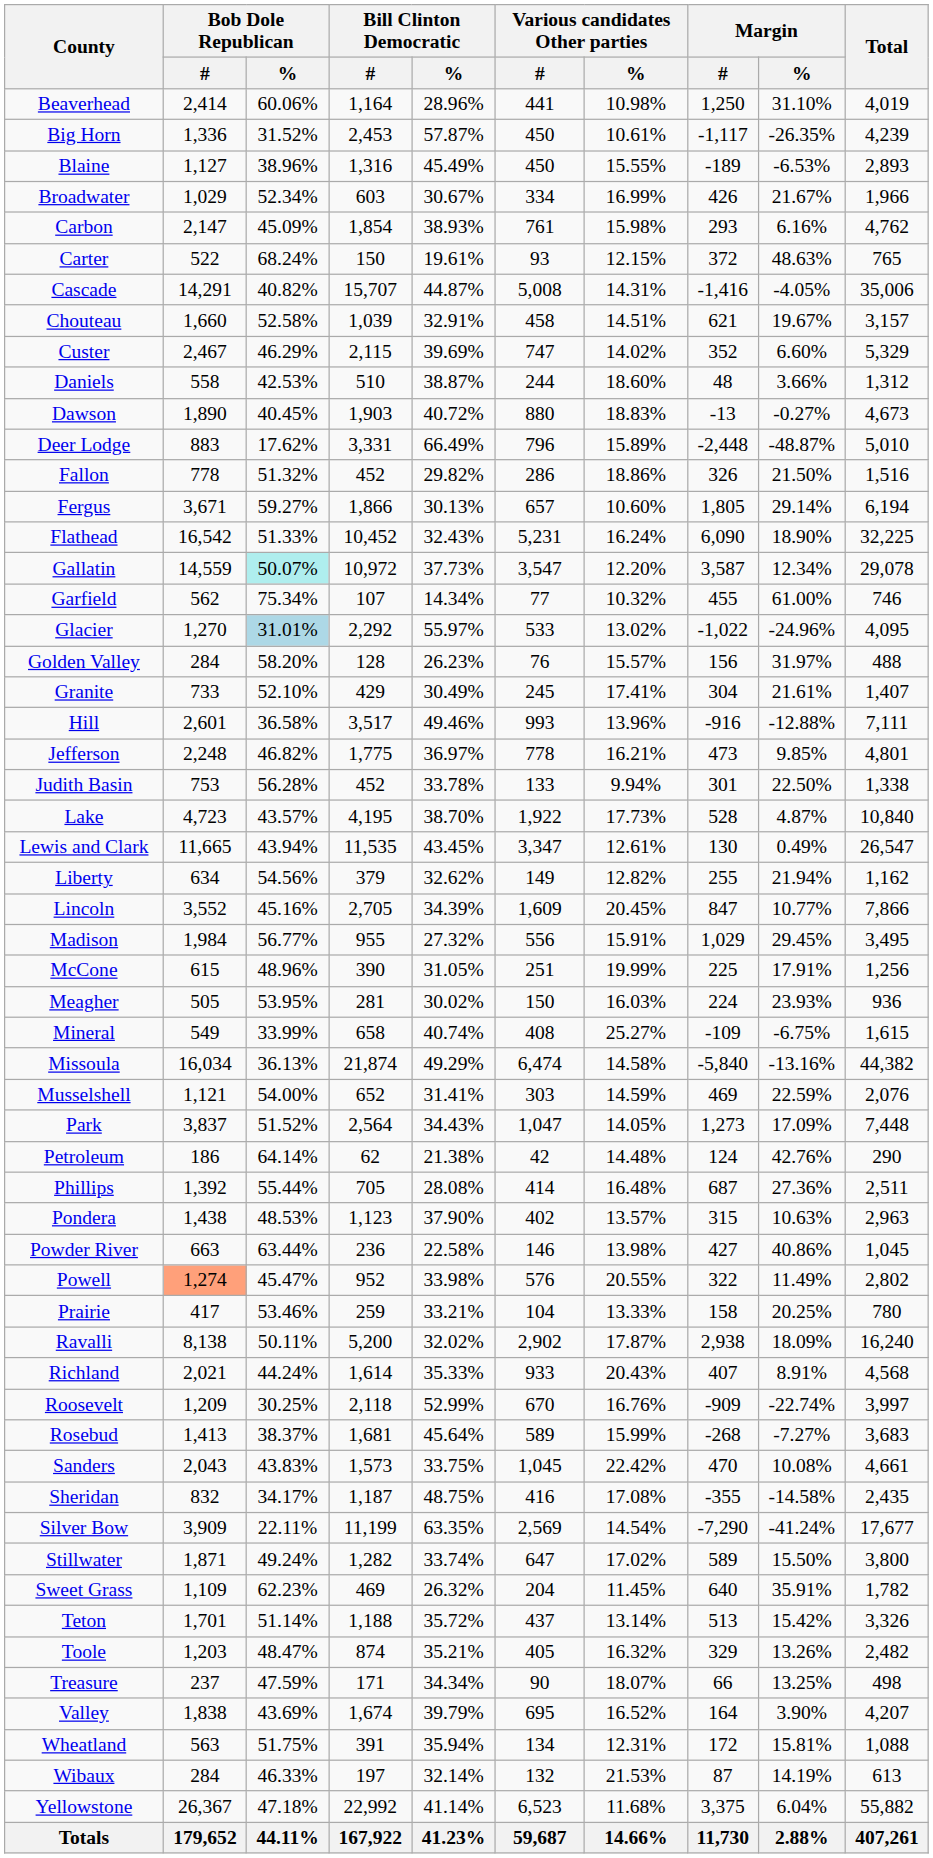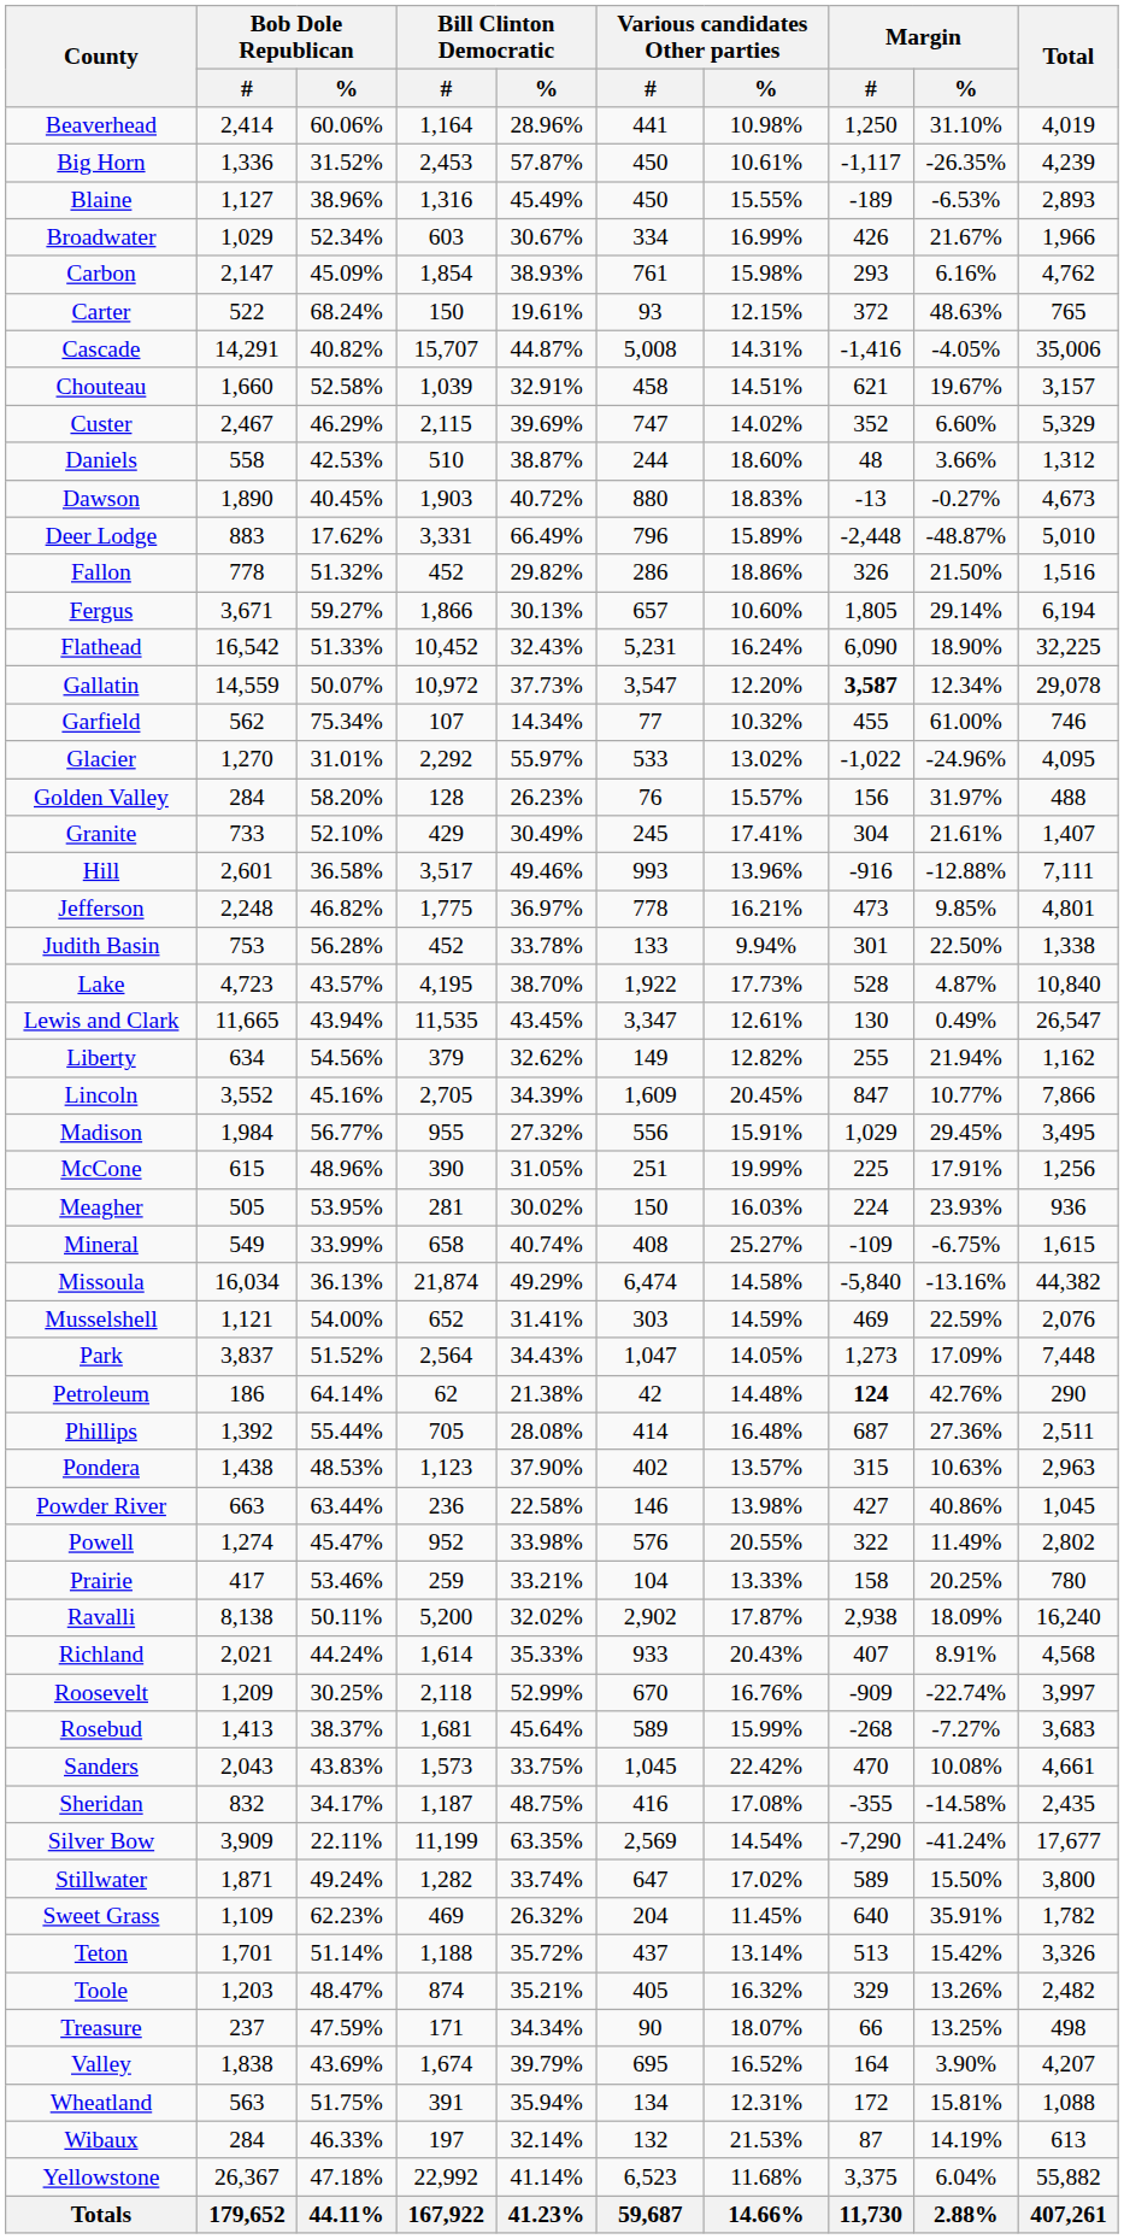 <table width="60%" class="wikitable sortable">
 <tr>
 <th rowspan="2">County</th>
 <th colspan="2">Bob Dole<br>Republican</th>
 <th colspan="2">Bill Clinton<br>Democratic</th>
 <th colspan="2">Various candidates<br>Other parties</th>
 <th colspan="2">Margin</th>
 <th rowspan="2">Total</th>
 </tr>
 <tr>
 <th style="text-align:center;" data-sort-type="number">#</th>
 <th style="text-align:center;" data-sort-type="number">%</th>
 <th style="text-align:center;" data-sort-type="number">#</th>
 <th style="text-align:center;" data-sort-type="number">%</th>
 <th style="text-align:center;" data-sort-type="number">#</th>
 <th style="text-align:center;" data-sort-type="number">%</th>
 <th style="text-align:center;" data-sort-type="number">#</th>
 <th style="text-align:center;" data-sort-type="number">%</th>
 </tr>
 <tr style="text-align:center;">
 <td><a href='#'>Beaverhead</a></td>
 <td>2,414</td>
 <td>60.06%</td>
 <td>1,164</td>
 <td>28.96%</td>
 <td>441</td>
 <td>10.98%</td>
 <td>1,250</td>
 <td>31.10%</td>
 <td>4,019</td>
 </tr>
 <tr style="text-align:center;">
 <td><a href='#'>Big Horn</a></td>
 <td>1,336</td>
 <td>31.52%</td>
 <td>2,453</td>
 <td>57.87%</td>
 <td>450</td>
 <td>10.61%</td>
 <td>-1,117</td>
 <td>-26.35%</td>
 <td>4,239</td>
 </tr>
 <tr style="text-align:center;">
 <td><a href='#'>Blaine</a></td>
 <td>1,127</td>
 <td>38.96%</td>
 <td>1,316</td>
 <td>45.49%</td>
 <td>450</td>
 <td>15.55%</td>
 <td>-189</td>
 <td>-6.53%</td>
 <td>2,893</td>
 </tr>
 <tr style="text-align:center;">
 <td><a href='#'>Broadwater</a></td>
 <td>1,029</td>
 <td>52.34%</td>
 <td>603</td>
 <td>30.67%</td>
 <td>334</td>
 <td>16.99%</td>
 <td>426</td>
 <td>21.67%</td>
 <td>1,966</td>
 </tr>
 <tr style="text-align:center;">
 <td><a href='#'>Carbon</a></td>
 <td>2,147</td>
 <td>45.09%</td>
 <td>1,854</td>
 <td>38.93%</td>
 <td>761</td>
 <td>15.98%</td>
 <td>293</td>
 <td>6.16%</td>
 <td>4,762</td>
 </tr>
 <tr style="text-align:center;">
 <td><a href='#'>Carter</a></td>
 <td>522</td>
 <td>68.24%</td>
 <td>150</td>
 <td>19.61%</td>
 <td>93</td>
 <td>12.15%</td>
 <td>372</td>
 <td>48.63%</td>
 <td>765</td>
 </tr>
 <tr style="text-align:center;">
 <td><a href='#'>Cascade</a></td>
 <td>14,291</td>
 <td>40.82%</td>
 <td>15,707</td>
 <td>44.87%</td>
 <td>5,008</td>
 <td>14.31%</td>
 <td>-1,416</td>
 <td>-4.05%</td>
 <td>35,006</td>
 </tr>
 <tr style="text-align:center;">
 <td><a href='#'>Chouteau</a></td>
 <td>1,660</td>
 <td>52.58%</td>
 <td>1,039</td>
 <td>32.91%</td>
 <td>458</td>
 <td>14.51%</td>
 <td>621</td>
 <td>19.67%</td>
 <td>3,157</td>
 </tr>
 <tr style="text-align:center;">
 <td><a href='#'>Custer</a></td>
 <td>2,467</td>
 <td>46.29%</td>
 <td>2,115</td>
 <td>39.69%</td>
 <td>747</td>
 <td>14.02%</td>
 <td>352</td>
 <td>6.60%</td>
 <td>5,329</td>
 </tr>
 <tr style="text-align:center;">
 <td><a href='#'>Daniels</a></td>
 <td>558</td>
 <td>42.53%</td>
 <td>510</td>
 <td>38.87%</td>
 <td>244</td>
 <td>18.60%</td>
 <td>48</td>
 <td>3.66%</td>
 <td>1,312</td>
 </tr>
 <tr style="text-align:center;">
 <td><a href='#'>Dawson</a></td>
 <td>1,890</td>
 <td>40.45%</td>
 <td>1,903</td>
 <td>40.72%</td>
 <td>880</td>
 <td>18.83%</td>
 <td>-13</td>
 <td>-0.27%</td>
 <td>4,673</td>
 </tr>
 <tr style="text-align:center;">
 <td><a href='#'>Deer Lodge</a></td>
 <td>883</td>
 <td>17.62%</td>
 <td>3,331</td>
 <td>66.49%</td>
 <td>796</td>
 <td>15.89%</td>
 <td>-2,448</td>
 <td>-48.87%</td>
 <td>5,010</td>
 </tr>
 <tr style="text-align:center;">
 <td><a href='#'>Fallon</a></td>
 <td>778</td>
 <td>51.32%</td>
 <td>452</td>
 <td>29.82%</td>
 <td>286</td>
 <td>18.86%</td>
 <td>326</td>
 <td>21.50%</td>
 <td>1,516</td>
 </tr>
 <tr style="text-align:center;">
 <td><a href='#'>Fergus</a></td>
 <td>3,671</td>
 <td>59.27%</td>
 <td>1,866</td>
 <td>30.13%</td>
 <td>657</td>
 <td>10.60%</td>
 <td>1,805</td>
 <td>29.14%</td>
 <td>6,194</td>
 </tr>
 <tr style="text-align:center;">
 <td><a href='#'>Flathead</a></td>
 <td>16,542</td>
 <td>51.33%</td>
 <td>10,452</td>
 <td>32.43%</td>
 <td>5,231</td>
 <td>16.24%</td>
 <td>6,090</td>
 <td>18.90%</td>
 <td>32,225</td>
 </tr>
 <tr style="text-align:center;">
 <td><a href='#'>Gallatin</a></td>
 <td>14,559</td>
-<td style="background: paleturquoise;">50.07%</td>
+<td>50.07%</td>
 <td>10,972</td>
 <td>37.73%</td>
 <td>3,547</td>
 <td>12.20%</td>
-<td>3,587</td>
+<td><strong>3,587</strong></td>
 <td>12.34%</td>
 <td>29,078</td>
 </tr>
 <tr style="text-align:center;">
 <td><a href='#'>Garfield</a></td>
 <td>562</td>
 <td>75.34%</td>
 <td>107</td>
 <td>14.34%</td>
 <td>77</td>
 <td>10.32%</td>
 <td>455</td>
 <td>61.00%</td>
 <td>746</td>
 </tr>
 <tr style="text-align:center;">
 <td><a href='#'>Glacier</a></td>
 <td>1,270</td>
-<td style="background: lightblue;">31.01%</td>
+<td>31.01%</td>
 <td>2,292</td>
 <td>55.97%</td>
 <td>533</td>
 <td>13.02%</td>
 <td>-1,022</td>
 <td>-24.96%</td>
 <td>4,095</td>
 </tr>
 <tr style="text-align:center;">
 <td><a href='#'>Golden Valley</a></td>
 <td>284</td>
 <td>58.20%</td>
 <td>128</td>
 <td>26.23%</td>
 <td>76</td>
 <td>15.57%</td>
 <td>156</td>
 <td>31.97%</td>
 <td>488</td>
 </tr>
 <tr style="text-align:center;">
 <td><a href='#'>Granite</a></td>
 <td>733</td>
 <td>52.10%</td>
 <td>429</td>
 <td>30.49%</td>
 <td>245</td>
 <td>17.41%</td>
 <td>304</td>
 <td>21.61%</td>
 <td>1,407</td>
 </tr>
 <tr style="text-align:center;">
 <td><a href='#'>Hill</a></td>
 <td>2,601</td>
 <td>36.58%</td>
 <td>3,517</td>
 <td>49.46%</td>
 <td>993</td>
 <td>13.96%</td>
 <td>-916</td>
 <td>-12.88%</td>
 <td>7,111</td>
 </tr>
 <tr style="text-align:center;">
 <td><a href='#'>Jefferson</a></td>
 <td>2,248</td>
 <td>46.82%</td>
 <td>1,775</td>
 <td>36.97%</td>
 <td>778</td>
 <td>16.21%</td>
 <td>473</td>
 <td>9.85%</td>
 <td>4,801</td>
 </tr>
 <tr style="text-align:center;">
 <td><a href='#'>Judith Basin</a></td>
 <td>753</td>
 <td>56.28%</td>
 <td>452</td>
 <td>33.78%</td>
 <td>133</td>
 <td>9.94%</td>
 <td>301</td>
 <td>22.50%</td>
 <td>1,338</td>
 </tr>
 <tr style="text-align:center;">
 <td><a href='#'>Lake</a></td>
 <td>4,723</td>
 <td>43.57%</td>
 <td>4,195</td>
 <td>38.70%</td>
 <td>1,922</td>
 <td>17.73%</td>
 <td>528</td>
 <td>4.87%</td>
 <td>10,840</td>
 </tr>
 <tr style="text-align:center;">
 <td><a href='#'>Lewis and Clark</a></td>
 <td>11,665</td>
 <td>43.94%</td>
 <td>11,535</td>
 <td>43.45%</td>
 <td>3,347</td>
 <td>12.61%</td>
 <td>130</td>
 <td>0.49%</td>
 <td>26,547</td>
 </tr>
 <tr style="text-align:center;">
 <td><a href='#'>Liberty</a></td>
 <td>634</td>
 <td>54.56%</td>
 <td>379</td>
 <td>32.62%</td>
 <td>149</td>
 <td>12.82%</td>
 <td>255</td>
 <td>21.94%</td>
 <td>1,162</td>
 </tr>
 <tr style="text-align:center;">
 <td><a href='#'>Lincoln</a></td>
 <td>3,552</td>
 <td>45.16%</td>
 <td>2,705</td>
 <td>34.39%</td>
 <td>1,609</td>
 <td>20.45%</td>
 <td>847</td>
 <td>10.77%</td>
 <td>7,866</td>
 </tr>
 <tr style="text-align:center;">
 <td><a href='#'>Madison</a></td>
 <td>1,984</td>
 <td>56.77%</td>
 <td>955</td>
 <td>27.32%</td>
 <td>556</td>
 <td>15.91%</td>
 <td>1,029</td>
 <td>29.45%</td>
 <td>3,495</td>
 </tr>
 <tr style="text-align:center;">
 <td><a href='#'>McCone</a></td>
 <td>615</td>
 <td>48.96%</td>
 <td>390</td>
 <td>31.05%</td>
 <td>251</td>
 <td>19.99%</td>
 <td>225</td>
 <td>17.91%</td>
 <td>1,256</td>
 </tr>
 <tr style="text-align:center;">
 <td><a href='#'>Meagher</a></td>
 <td>505</td>
 <td>53.95%</td>
 <td>281</td>
 <td>30.02%</td>
 <td>150</td>
 <td>16.03%</td>
 <td>224</td>
 <td>23.93%</td>
 <td>936</td>
 </tr>
 <tr style="text-align:center;">
 <td><a href='#'>Mineral</a></td>
 <td>549</td>
 <td>33.99%</td>
 <td>658</td>
 <td>40.74%</td>
 <td>408</td>
 <td>25.27%</td>
 <td>-109</td>
 <td>-6.75%</td>
 <td>1,615</td>
 </tr>
 <tr style="text-align:center;">
 <td><a href='#'>Missoula</a></td>
 <td>16,034</td>
 <td>36.13%</td>
 <td>21,874</td>
 <td>49.29%</td>
 <td>6,474</td>
 <td>14.58%</td>
 <td>-5,840</td>
 <td>-13.16%</td>
 <td>44,382</td>
 </tr>
 <tr style="text-align:center;">
 <td><a href='#'>Musselshell</a></td>
 <td>1,121</td>
 <td>54.00%</td>
 <td>652</td>
 <td>31.41%</td>
 <td>303</td>
 <td>14.59%</td>
 <td>469</td>
 <td>22.59%</td>
 <td>2,076</td>
 </tr>
 <tr style="text-align:center;">
 <td><a href='#'>Park</a></td>
 <td>3,837</td>
 <td>51.52%</td>
 <td>2,564</td>
 <td>34.43%</td>
 <td>1,047</td>
 <td>14.05%</td>
 <td>1,273</td>
 <td>17.09%</td>
 <td>7,448</td>
 </tr>
 <tr style="text-align:center;">
 <td><a href='#'>Petroleum</a></td>
 <td>186</td>
 <td>64.14%</td>
 <td>62</td>
 <td>21.38%</td>
 <td>42</td>
 <td>14.48%</td>
-<td>124</td>
+<td><strong>124</strong></td>
 <td>42.76%</td>
 <td>290</td>
 </tr>
 <tr style="text-align:center;">
 <td><a href='#'>Phillips</a></td>
 <td>1,392</td>
 <td>55.44%</td>
 <td>705</td>
 <td>28.08%</td>
 <td>414</td>
 <td>16.48%</td>
 <td>687</td>
 <td>27.36%</td>
 <td>2,511</td>
 </tr>
 <tr style="text-align:center;">
 <td><a href='#'>Pondera</a></td>
 <td>1,438</td>
 <td>48.53%</td>
 <td>1,123</td>
 <td>37.90%</td>
 <td>402</td>
 <td>13.57%</td>
 <td>315</td>
 <td>10.63%</td>
 <td>2,963</td>
 </tr>
 <tr style="text-align:center;">
 <td><a href='#'>Powder River</a></td>
 <td>663</td>
 <td>63.44%</td>
 <td>236</td>
 <td>22.58%</td>
 <td>146</td>
 <td>13.98%</td>
 <td>427</td>
 <td>40.86%</td>
 <td>1,045</td>
 </tr>
 <tr style="text-align:center;">
 <td><a href='#'>Powell</a></td>
-<td style="background: lightsalmon;">1,274</td>
+<td>1,274</td>
 <td>45.47%</td>
 <td>952</td>
 <td>33.98%</td>
 <td>576</td>
 <td>20.55%</td>
 <td>322</td>
 <td>11.49%</td>
 <td>2,802</td>
 </tr>
 <tr style="text-align:center;">
 <td><a href='#'>Prairie</a></td>
 <td>417</td>
 <td>53.46%</td>
 <td>259</td>
 <td>33.21%</td>
 <td>104</td>
 <td>13.33%</td>
 <td>158</td>
 <td>20.25%</td>
 <td>780</td>
 </tr>
 <tr style="text-align:center;">
 <td><a href='#'>Ravalli</a></td>
 <td>8,138</td>
 <td>50.11%</td>
 <td>5,200</td>
 <td>32.02%</td>
 <td>2,902</td>
 <td>17.87%</td>
 <td>2,938</td>
 <td>18.09%</td>
 <td>16,240</td>
 </tr>
 <tr style="text-align:center;">
 <td><a href='#'>Richland</a></td>
 <td>2,021</td>
 <td>44.24%</td>
 <td>1,614</td>
 <td>35.33%</td>
 <td>933</td>
 <td>20.43%</td>
 <td>407</td>
 <td>8.91%</td>
 <td>4,568</td>
 </tr>
 <tr style="text-align:center;">
 <td><a href='#'>Roosevelt</a></td>
 <td>1,209</td>
 <td>30.25%</td>
 <td>2,118</td>
 <td>52.99%</td>
 <td>670</td>
 <td>16.76%</td>
 <td>-909</td>
 <td>-22.74%</td>
 <td>3,997</td>
 </tr>
 <tr style="text-align:center;">
 <td><a href='#'>Rosebud</a></td>
 <td>1,413</td>
 <td>38.37%</td>
 <td>1,681</td>
 <td>45.64%</td>
 <td>589</td>
 <td>15.99%</td>
 <td>-268</td>
 <td>-7.27%</td>
 <td>3,683</td>
 </tr>
 <tr style="text-align:center;">
 <td><a href='#'>Sanders</a></td>
 <td>2,043</td>
 <td>43.83%</td>
 <td>1,573</td>
 <td>33.75%</td>
 <td>1,045</td>
 <td>22.42%</td>
 <td>470</td>
 <td>10.08%</td>
 <td>4,661</td>
 </tr>
 <tr style="text-align:center;">
 <td><a href='#'>Sheridan</a></td>
 <td>832</td>
 <td>34.17%</td>
 <td>1,187</td>
 <td>48.75%</td>
 <td>416</td>
 <td>17.08%</td>
 <td>-355</td>
 <td>-14.58%</td>
 <td>2,435</td>
 </tr>
 <tr style="text-align:center;">
 <td><a href='#'>Silver Bow</a></td>
 <td>3,909</td>
 <td>22.11%</td>
 <td>11,199</td>
 <td>63.35%</td>
 <td>2,569</td>
 <td>14.54%</td>
 <td>-7,290</td>
 <td>-41.24%</td>
 <td>17,677</td>
 </tr>
 <tr style="text-align:center;">
 <td><a href='#'>Stillwater</a></td>
 <td>1,871</td>
 <td>49.24%</td>
 <td>1,282</td>
 <td>33.74%</td>
 <td>647</td>
 <td>17.02%</td>
 <td>589</td>
 <td>15.50%</td>
 <td>3,800</td>
 </tr>
 <tr style="text-align:center;">
 <td><a href='#'>Sweet Grass</a></td>
 <td>1,109</td>
 <td>62.23%</td>
 <td>469</td>
 <td>26.32%</td>
 <td>204</td>
 <td>11.45%</td>
 <td>640</td>
 <td>35.91%</td>
 <td>1,782</td>
 </tr>
 <tr style="text-align:center;">
 <td><a href='#'>Teton</a></td>
 <td>1,701</td>
 <td>51.14%</td>
 <td>1,188</td>
 <td>35.72%</td>
 <td>437</td>
 <td>13.14%</td>
 <td>513</td>
 <td>15.42%</td>
 <td>3,326</td>
 </tr>
 <tr style="text-align:center;">
 <td><a href='#'>Toole</a></td>
 <td>1,203</td>
 <td>48.47%</td>
 <td>874</td>
 <td>35.21%</td>
 <td>405</td>
 <td>16.32%</td>
 <td>329</td>
 <td>13.26%</td>
 <td>2,482</td>
 </tr>
 <tr style="text-align:center;">
 <td><a href='#'>Treasure</a></td>
 <td>237</td>
 <td>47.59%</td>
 <td>171</td>
 <td>34.34%</td>
 <td>90</td>
 <td>18.07%</td>
 <td>66</td>
 <td>13.25%</td>
 <td>498</td>
 </tr>
 <tr style="text-align:center;">
 <td><a href='#'>Valley</a></td>
 <td>1,838</td>
 <td>43.69%</td>
 <td>1,674</td>
 <td>39.79%</td>
 <td>695</td>
 <td>16.52%</td>
 <td>164</td>
 <td>3.90%</td>
 <td>4,207</td>
 </tr>
 <tr style="text-align:center;">
 <td><a href='#'>Wheatland</a></td>
 <td>563</td>
 <td>51.75%</td>
 <td>391</td>
 <td>35.94%</td>
 <td>134</td>
 <td>12.31%</td>
 <td>172</td>
 <td>15.81%</td>
 <td>1,088</td>
 </tr>
 <tr style="text-align:center;">
 <td><a href='#'>Wibaux</a></td>
 <td>284</td>
 <td>46.33%</td>
 <td>197</td>
 <td>32.14%</td>
 <td>132</td>
 <td>21.53%</td>
 <td>87</td>
 <td>14.19%</td>
 <td>613</td>
 </tr>
 <tr style="text-align:center;">
 <td><a href='#'>Yellowstone</a></td>
 <td>26,367</td>
 <td>47.18%</td>
 <td>22,992</td>
 <td>41.14%</td>
 <td>6,523</td>
 <td>11.68%</td>
 <td>3,375</td>
 <td>6.04%</td>
 <td>55,882</td>
 </tr>
 <tr>
 <th>Totals</th>
 <th>179,652</th>
 <th>44.11%</th>
 <th>167,922</th>
 <th>41.23%</th>
 <th>59,687</th>
 <th>14.66%</th>
 <th>11,730</th>
 <th>2.88%</th>
 <th>407,261</th>
 </tr>
 </table>
